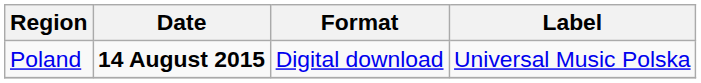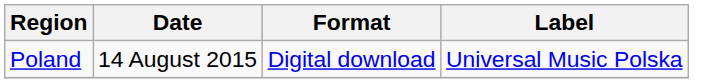 <table class=wikitable>
 <tr>
 <th>Region</th>
 <th>Date</th>
 <th>Format</th>
 <th>Label</th>
 </tr>
 <tr>
 <td><a href='#'>Poland</a></td>
-<td><strong>14 August 2015</strong></td>
+<td>14 August 2015</td>
 <td><a href='#'>Digital download</a></td>
 <td><a href='#'>Universal Music Polska</a></td>
 </tr>
 <tr>
 </tr>
 </table>
